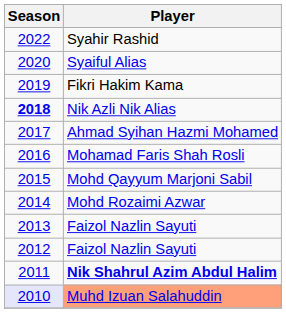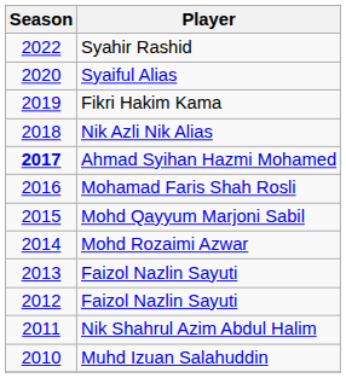 <table class="wikitable">
 <tr>
 <th>Season</th>
 <th>Player</th>
 </tr>
 <tr>
 <td rowspan="1" style="text-align:center;"><a href='#'>2022</a></td>
 <td> Syahir Rashid</td>
 </tr>
 <tr>
 <td rowspan="1" style="text-align:center;"><a href='#'>2020</a></td>
 <td> <a href='#'>Syaiful Alias</a></td>
 </tr>
 <tr>
 <td rowspan="1" style="text-align:center;"><a href='#'>2019</a></td>
 <td> Fikri Hakim Kama</td>
 </tr>
 <tr>
-<td rowspan="1" style="text-align:center;"><strong><a href='#'>2018</a></strong></td>
+<td rowspan="1" style="text-align:center;"><a href='#'>2018</a></td>
 <td> <a href='#'>Nik Azli Nik Alias</a></td>
 </tr>
 <tr>
-<td rowspan="1" style="text-align:center;"><a href='#'>2017</a></td>
+<td rowspan="1" style="text-align:center;"><strong><a href='#'>2017</a></strong></td>
 <td> <a href='#'>Ahmad Syihan Hazmi Mohamed</a></td>
 </tr>
 <tr>
 <td rowspan="1" style="text-align:center;"><a href='#'>2016</a></td>
 <td> <a href='#'>Mohamad Faris Shah Rosli</a></td>
 </tr>
 <tr>
 <td rowspan="1" style="text-align:center;"><a href='#'>2015</a></td>
 <td> <a href='#'>Mohd Qayyum Marjoni Sabil</a></td>
 </tr>
 <tr>
 <td rowspan="1" style="text-align:center;"><a href='#'>2014</a></td>
 <td> <a href='#'>Mohd Rozaimi Azwar</a></td>
 </tr>
 <tr>
 <td rowspan="1" style="text-align:center;"><a href='#'>2013</a></td>
 <td> <a href='#'>Faizol Nazlin Sayuti</a></td>
 </tr>
 <tr>
 <td rowspan="1" style="text-align:center;"><a href='#'>2012</a></td>
 <td> <a href='#'>Faizol Nazlin Sayuti</a></td>
 </tr>
 <tr>
 <td rowspan="1" style="text-align:center;"><a href='#'>2011</a></td>
-<td><strong> <a href='#'>Nik Shahrul Azim Abdul Halim</a></strong></td>
+<td> <a href='#'>Nik Shahrul Azim Abdul Halim</a></td>
 </tr>
 <tr>
-<td rowspan="1" style="background: lavender; text-align:center;"><a href='#'>2010</a></td>
-<td style="background: lightsalmon;"> <a href='#'>Muhd Izuan Salahuddin</a></td>
+<td rowspan="1" style="text-align:center;"><a href='#'>2010</a></td>
+<td> <a href='#'>Muhd Izuan Salahuddin</a></td>
 </tr>
 <tr>
 </tr>
 </table>
